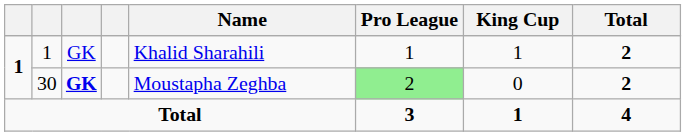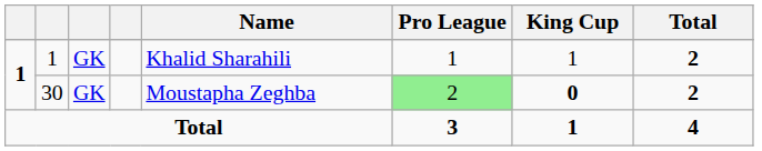 <table class="wikitable" style="text-align:center">
 <tr>
 <th width=15></th>
 <th width=15></th>
 <th width=15></th>
 <th width=15></th>
 <th width=175>Name</th>
 <th width=80>Pro League</th>
 <th width=80>King Cup</th>
 <th width=80>Total</th>
 </tr>
 <tr>
 </tr>
 <tr>
 <td rowspan=2><strong>1</strong></td>
 <td>1</td>
 <td><a href='#'>GK</a></td>
 <td></td>
 <td align=left><a href='#'>Khalid Sharahili</a></td>
 <td>1</td>
 <td>1</td>
 <td><strong>2</strong></td>
 </tr>
 <tr>
 <td>30</td>
-<td><strong><a href='#'>GK</a></strong></td>
+<td><a href='#'>GK</a></td>
 <td></td>
 <td align=left><a href='#'>Moustapha Zeghba</a></td>
 <td style="background: lightgreen;">2</td>
-<td>0</td>
+<td><strong>0</strong></td>
 <td><strong>2</strong></td>
 </tr>
 <tr>
 <td colspan=5><strong>Total</strong></td>
 <td><strong>3</strong></td>
 <td><strong>1</strong></td>
 <td><strong>4</strong></td>
 </tr>
 </table>
